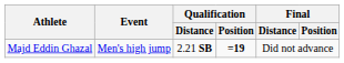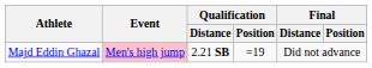 <table class=wikitable style="font-size:90%">
 <tr>
 <th rowspan="2">Athlete</th>
 <th rowspan="2">Event</th>
 <th colspan="2">Qualification</th>
 <th colspan="2">Final</th>
 </tr>
 <tr style="font-size:95%">
 <th>Distance</th>
 <th>Position</th>
 <th>Distance</th>
 <th>Position</th>
 </tr>
 <tr align=center>
 <td align=left><a href='#'>Majd Eddin Ghazal</a></td>
-<td align=left><a href='#'>Men's high jump</a></td>
+<td align=left style="background: pink;"><a href='#'>Men's high jump</a></td>
 <td>2.21 <strong>SB</strong></td>
-<td><strong>=19</strong></td>
+<td>=19</td>
 <td colspan="2">Did not advance</td>
 </tr>
 </table>
